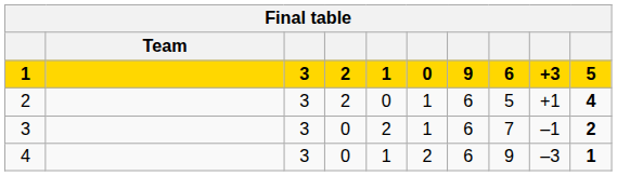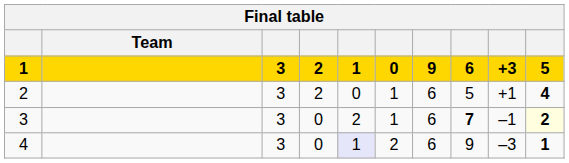 <table class="wikitable" style="text-align: center;">
 <tr>
 <th colspan="10">Final table</th>
 </tr>
 <tr>
 <th width=30></th>
 <th width="210">Team</th>
 <th width=30></th>
 <th width=30></th>
 <th width=30></th>
 <th width=30></th>
 <th width=30></th>
 <th width=30></th>
 <th width=30></th>
 <th width=30></th>
 </tr>
 <tr bgcolor="gold">
 <td><strong>1</strong></td>
 <td style="text-align:left"><strong></strong></td>
 <td><strong>3</strong></td>
 <td><strong>2</strong></td>
 <td><strong>1</strong></td>
 <td><strong>0</strong></td>
 <td><strong>9</strong></td>
 <td><strong>6</strong></td>
 <td><strong>+3</strong></td>
 <td><strong>5</strong></td>
 </tr>
 <tr>
 <td>2</td>
 <td style="text-align:left"></td>
 <td>3</td>
 <td>2</td>
 <td>0</td>
 <td>1</td>
 <td>6</td>
 <td>5</td>
 <td>+1</td>
 <td><strong>4</strong></td>
 </tr>
 <tr>
 <td>3</td>
 <td style="text-align:left"></td>
 <td>3</td>
 <td>0</td>
 <td>2</td>
 <td>1</td>
 <td>6</td>
-<td>7</td>
+<td><strong>7</strong></td>
 <td>–1</td>
-<td><strong>2</strong></td>
+<td style="background: lightyellow;"><strong>2</strong></td>
 </tr>
 <tr>
 <td>4</td>
 <td style="text-align:left"></td>
 <td>3</td>
 <td>0</td>
-<td>1</td>
+<td style="background: lavender;">1</td>
 <td>2</td>
 <td>6</td>
 <td>9</td>
 <td>–3</td>
 <td><strong>1</strong></td>
 </tr>
 </table>
